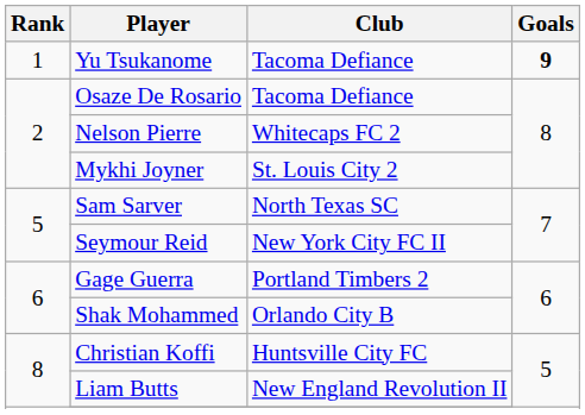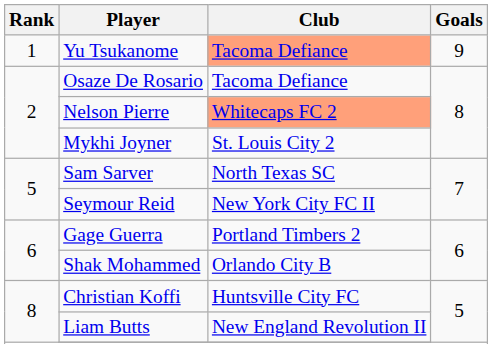 <table class="wikitable" style="text-align:center">
 <tr>
 <th>Rank</th>
 <th>Player</th>
 <th>Club</th>
 <th>Goals</th>
 </tr>
 <tr>
 <td>1</td>
 <td align="left"> <a href='#'>Yu Tsukanome</a></td>
-<td align="left"><a href='#'>Tacoma Defiance</a></td>
-<td><strong>9</strong></td>
+<td align="left" style="background: lightsalmon;"><a href='#'>Tacoma Defiance</a></td>
+<td>9</td>
 </tr>
 <tr>
 <td rowspan="3">2</td>
 <td align="left"> <a href='#'>Osaze De Rosario</a></td>
 <td align="left"><a href='#'>Tacoma Defiance</a></td>
 <td rowspan="3">8</td>
 </tr>
 <tr>
 <td align="left"> <a href='#'>Nelson Pierre</a></td>
-<td align="left"><a href='#'>Whitecaps FC 2</a></td>
+<td align="left" style="background: lightsalmon;"><a href='#'>Whitecaps FC 2</a></td>
 </tr>
 <tr>
 <td align="left"> <a href='#'>Mykhi Joyner</a></td>
 <td align="left"><a href='#'>St. Louis City 2</a></td>
 </tr>
 <tr>
 <td rowspan="2">5</td>
 <td align="left"> <a href='#'>Sam Sarver</a></td>
 <td align="left"><a href='#'>North Texas SC</a></td>
 <td rowspan="2">7</td>
 </tr>
 <tr>
 <td align="left"> <a href='#'>Seymour Reid</a></td>
 <td align="left"><a href='#'>New York City FC II</a></td>
 </tr>
 <tr>
 <td rowspan="2">6</td>
 <td align="left"> <a href='#'>Gage Guerra</a></td>
 <td align="left"><a href='#'>Portland Timbers 2</a></td>
 <td rowspan="2">6</td>
 </tr>
 <tr>
 <td align="left"> <a href='#'>Shak Mohammed</a></td>
 <td align="left"><a href='#'>Orlando City B</a></td>
 </tr>
 <tr>
 <td rowspan="3">8</td>
 <td align="left"> <a href='#'>Christian Koffi</a></td>
 <td align="left"><a href='#'>Huntsville City FC</a></td>
 <td rowspan="3">5</td>
 </tr>
 <tr>
 <td align="left"> <a href='#'>Liam Butts</a></td>
 <td align="left"><a href='#'>New England Revolution II</a></td>
 </tr>
 <tr>
 </tr>
 </table>
